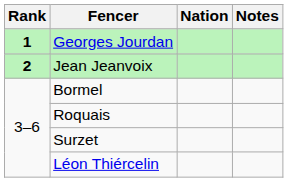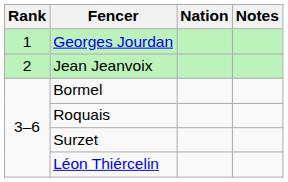 <table class="wikitable sortable" style="text-align:center">
 <tr>
 <th>Rank</th>
 <th>Fencer</th>
 <th>Nation</th>
 <th>Notes</th>
 </tr>
 <tr bgcolor=bbf3bb>
-<td><strong>1</strong></td>
+<td>1</td>
 <td align=left><a href='#'>Georges Jourdan</a></td>
 <td align=left></td>
 <td></td>
 </tr>
 <tr bgcolor=bbf3bb>
-<td><strong>2</strong></td>
+<td>2</td>
 <td align=left>Jean Jeanvoix</td>
 <td align=left></td>
 <td></td>
 </tr>
 <tr>
 <td rowspan=4>3–6</td>
 <td align=left>Bormel</td>
 <td align=left></td>
 <td></td>
 </tr>
 <tr>
 <td align=left>Roquais</td>
 <td align=left></td>
 <td></td>
 </tr>
 <tr>
 <td align=left>Surzet</td>
 <td align=left></td>
 <td></td>
 </tr>
 <tr>
 <td align=left><a href='#'>Léon Thiércelin</a></td>
 <td align=left></td>
 <td></td>
 </tr>
 </table>
